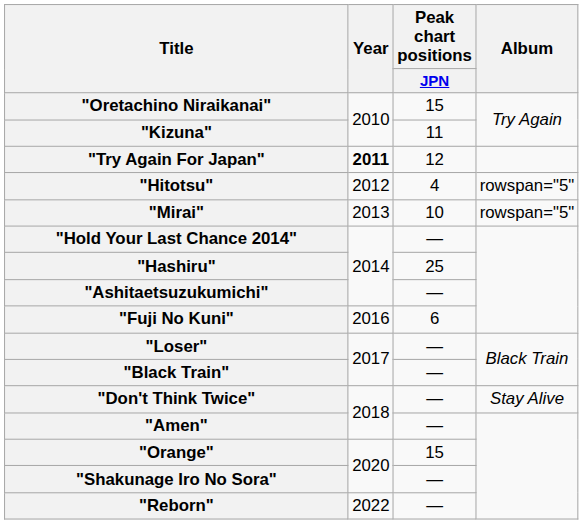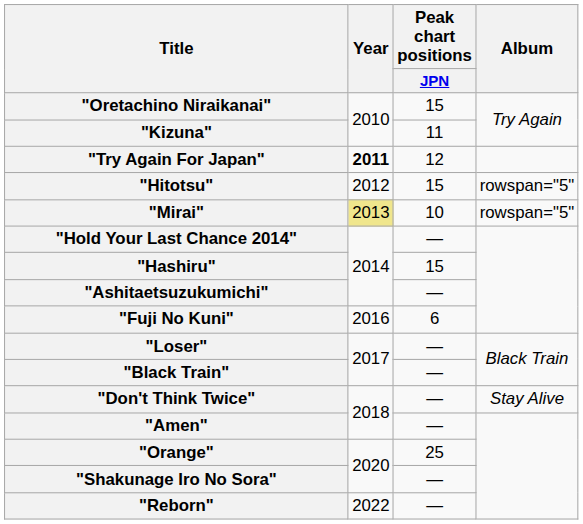 <table class="wikitable plainrowheaders" style="text-align:center;">
 <tr>
 <th rowspan="2" scope="col" style="width:20em;">Title</th>
 <th rowspan="2" scope="col">Year</th>
 <th scope="col">Peak chart positions</th>
 <th rowspan="2">Album</th>
 </tr>
 <tr>
 <th scope="col" style="width:2.5em;font-size:90%;"><a href='#'>JPN</a><br></th>
 </tr>
 <tr>
 <th scope="row">"Oretachino Niraikanai" </th>
 <td rowspan="2">2010</td>
 <td>15</td>
 <td rowspan="2"><em>Try Again</em></td>
 </tr>
 <tr>
 <th scope="row">"Kizuna" </th>
 <td>11</td>
 </tr>
 <tr>
 <th scope="row">"Try Again For Japan"</th>
 <td><strong>2011</strong></td>
 <td>12</td>
 <td></td>
 </tr>
 <tr>
 <th scope="row">"Hitotsu" </th>
 <td>2012</td>
-<td>4</td>
+<td>15</td>
 <td>rowspan="5" </td>
 </tr>
 <tr>
 <th scope="row">"Mirai" </th>
-<td>2013</td>
+<td style="background: khaki;">2013</td>
 <td>10</td>
 <td>rowspan="5" </td>
 </tr>
 <tr>
 <th scope="row">"Hold Your Last Chance 2014"</th>
 <td rowspan="3">2014</td>
 <td>—</td>
 </tr>
 <tr>
 <th scope="row">"Hashiru" </th>
-<td>25</td>
+<td>15</td>
 </tr>
 <tr>
 <th scope="row">"Ashitaetsuzukumichi" </th>
 <td>—</td>
 </tr>
 <tr>
 <th scope="row">"Fuji No Kuni" </th>
 <td>2016</td>
 <td>6</td>
 </tr>
 <tr>
 <th scope="row">"Loser"</th>
 <td rowspan="2">2017</td>
 <td>—</td>
 <td rowspan="2"><em>Black Train</em></td>
 </tr>
 <tr>
 <th scope="row">"Black Train"</th>
 <td>—</td>
 </tr>
 <tr>
 <th scope="row">"Don't Think Twice" </th>
 <td rowspan="2">2018</td>
 <td>—</td>
 <td><em>Stay Alive</em></td>
 </tr>
 <tr>
 <th scope="row">"Amen"</th>
 <td>—</td>
 </tr>
 <tr>
 <th scope="row">"Orange"</th>
 <td rowspan="2">2020</td>
-<td>15</td>
+<td>25</td>
 </tr>
 <tr>
 <th scope="row">"Shakunage Iro No Sora" </th>
 <td>—</td>
 </tr>
 <tr>
 <th scope="row">"Reborn"</th>
 <td>2022</td>
 <td>—</td>
 </tr>
 </table>
